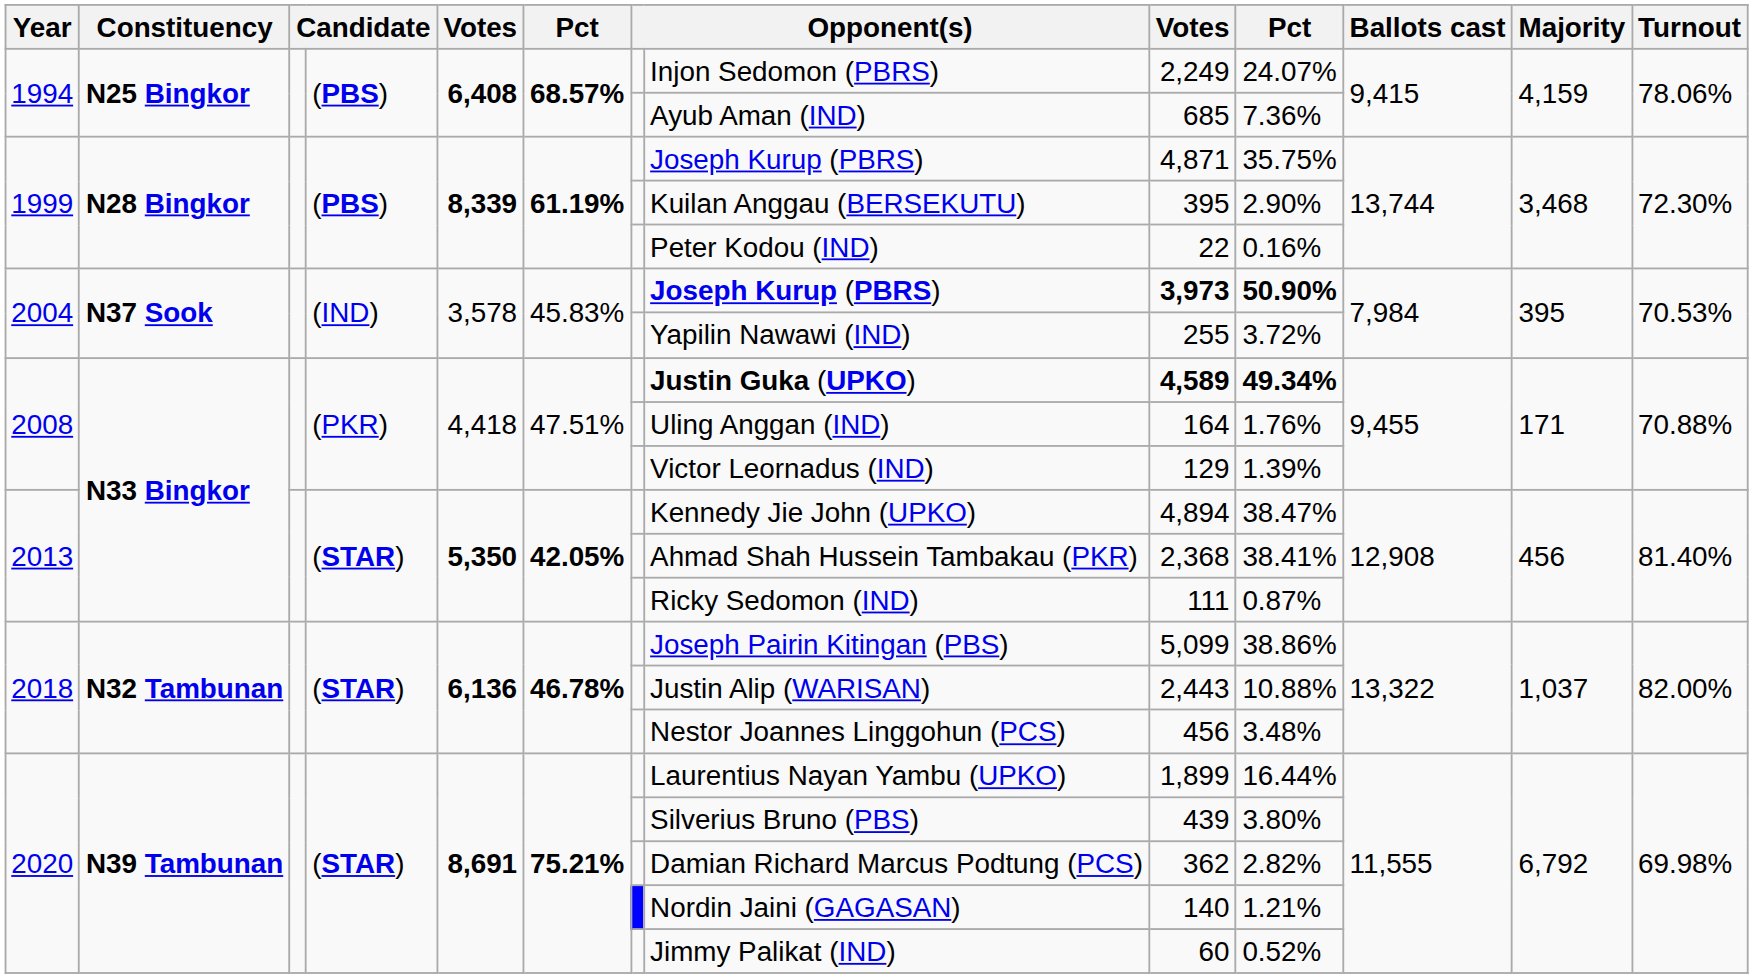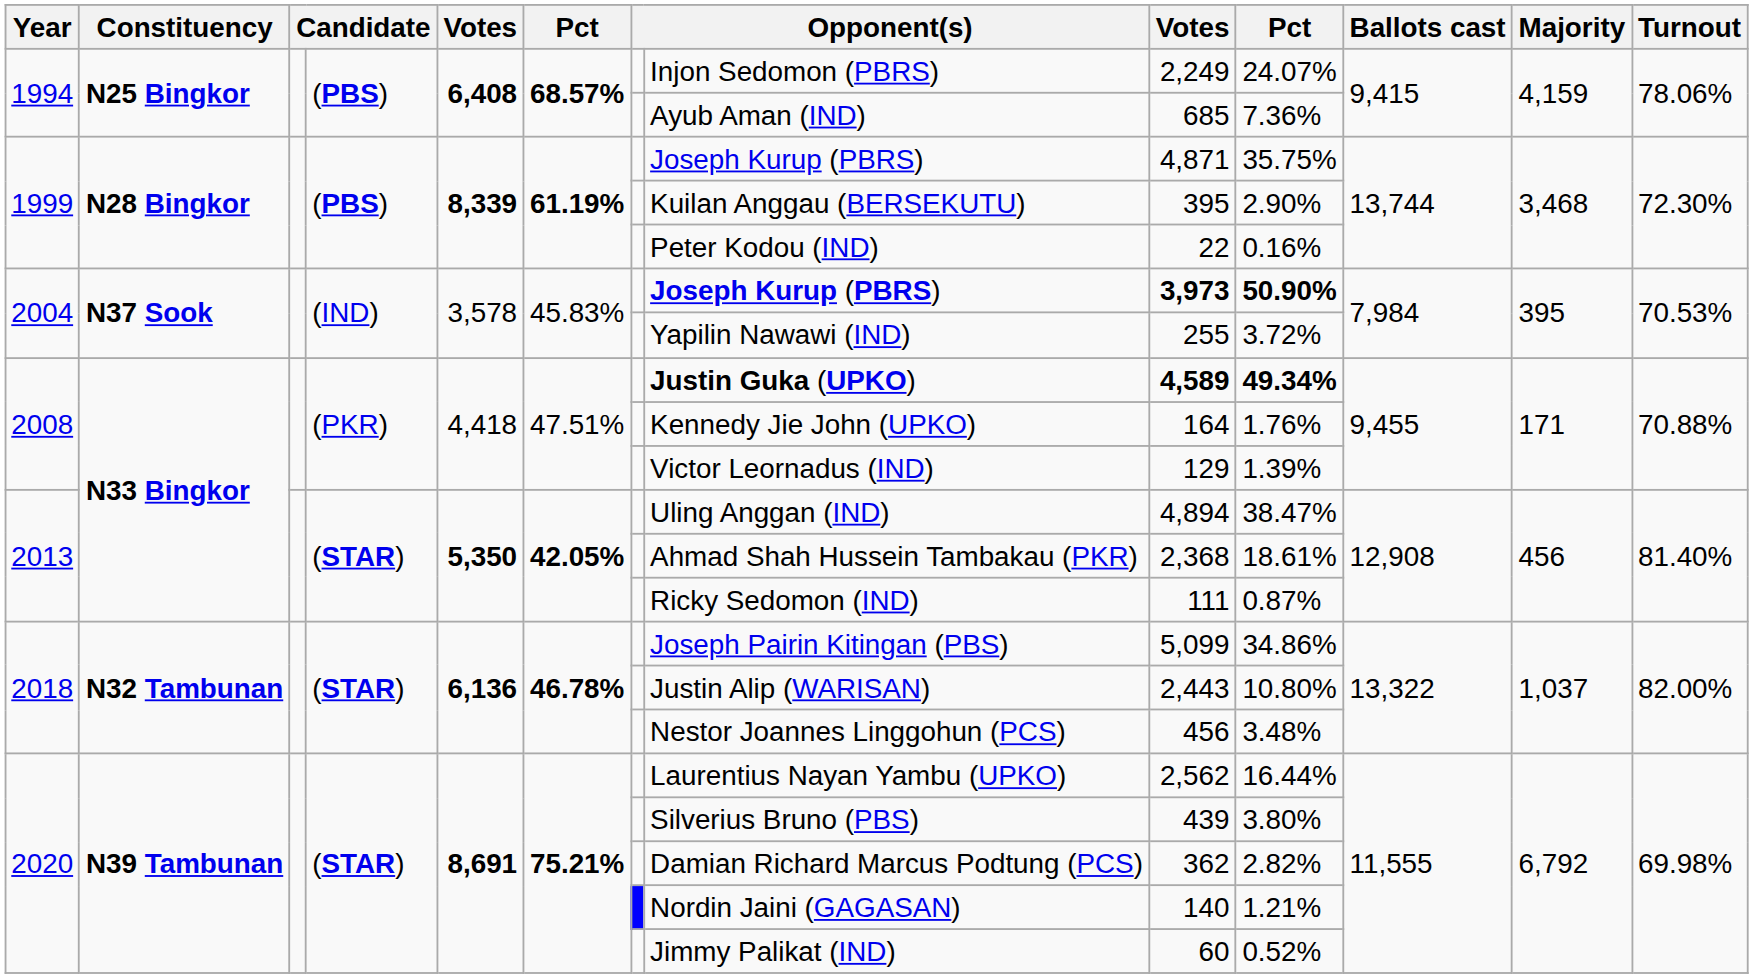 <table class="wikitable" style="margin:0.5em ; font-size:95%">
 <tr>
 <th>Year</th>
 <th>Constituency</th>
 <th colspan=2>Candidate</th>
 <th>Votes</th>
 <th>Pct</th>
 <th colspan=2>Opponent(s)</th>
 <th>Votes</th>
 <th>Pct</th>
 <th>Ballots cast</th>
 <th>Majority</th>
 <th>Turnout</th>
 </tr>
 <tr>
 <td rowspan=2><a href='#'>1994</a></td>
 <td rowspan=2><strong>N25 <a href='#'>Bingkor</a></strong></td>
 <td rowspan=2 ></td>
 <td rowspan=2> (<a href='#'><strong>PBS</strong></a>)</td>
 <td rowspan=2 align="right"><strong>6,408</strong></td>
 <td rowspan=2><strong>68.57%</strong></td>
 <td></td>
 <td>Injon Sedomon (<a href='#'>PBRS</a>)</td>
 <td align="right">2,249</td>
 <td>24.07%</td>
 <td rowspan=2>9,415</td>
 <td rowspan=2>4,159</td>
 <td rowspan=2>78.06%</td>
 </tr>
 <tr>
 <td></td>
 <td>Ayub Aman (<a href='#'>IND</a>)</td>
 <td align="right">685</td>
 <td>7.36%</td>
 </tr>
 <tr>
 <td rowspan=3><a href='#'>1999</a></td>
 <td rowspan=3><strong>N28 <a href='#'>Bingkor</a></strong></td>
 <td rowspan=3 ></td>
 <td rowspan=3> (<a href='#'><strong>PBS</strong></a>)</td>
 <td rowspan=3 align="right"><strong>8,339</strong></td>
 <td rowspan=3><strong>61.19%</strong></td>
 <td></td>
 <td><a href='#'>Joseph Kurup</a> (<a href='#'>PBRS</a>)</td>
 <td align="right">4,871</td>
 <td>35.75%</td>
 <td rowspan=3>13,744</td>
 <td rowspan=3>3,468</td>
 <td rowspan=3>72.30%</td>
 </tr>
 <tr>
 <td></td>
 <td>Kuilan Anggau (<a href='#'>BERSEKUTU</a>)</td>
 <td align="right">395</td>
 <td>2.90%</td>
 </tr>
 <tr>
 <td></td>
 <td>Peter Kodou (<a href='#'>IND</a>)</td>
 <td align="right">22</td>
 <td>0.16%</td>
 </tr>
 <tr>
 <td rowspan=2><a href='#'>2004</a></td>
 <td rowspan=2><strong>N37 <a href='#'>Sook</a></strong></td>
 <td rowspan=2 ></td>
 <td rowspan=2> (<a href='#'>IND</a>)</td>
 <td rowspan=2 align="right">3,578</td>
 <td rowspan=2>45.83%</td>
 <td></td>
 <td><strong><a href='#'>Joseph Kurup</a></strong> (<strong><a href='#'>PBRS</a></strong>)</td>
 <td align="right"><strong>3,973</strong></td>
 <td><strong>50.90%</strong></td>
 <td rowspan=2>7,984</td>
 <td rowspan=2>395</td>
 <td rowspan=2>70.53%</td>
 </tr>
 <tr>
 <td></td>
 <td>Yapilin Nawawi (<a href='#'>IND</a>)</td>
 <td align="right">255</td>
 <td>3.72%</td>
 </tr>
 <tr>
 <td rowspan=3><a href='#'>2008</a></td>
 <td rowspan=6><strong>N33 <a href='#'>Bingkor</a></strong></td>
 <td rowspan=3 ></td>
 <td rowspan=3> (<a href='#'>PKR</a>)</td>
 <td rowspan=3 align="right">4,418</td>
 <td rowspan=3>47.51%</td>
 <td></td>
 <td><strong>Justin Guka</strong> (<a href='#'><strong>UPKO</strong></a>)</td>
 <td align="right"><strong>4,589</strong></td>
 <td><strong>49.34%</strong></td>
 <td rowspan=3>9,455</td>
 <td rowspan=3>171</td>
 <td rowspan=3>70.88%</td>
 </tr>
 <tr>
 <td></td>
-<td>Uling Anggan (<a href='#'>IND</a>)</td>
+<td>Kennedy Jie John (<a href='#'>UPKO</a>)</td>
 <td align="right">164</td>
 <td>1.76%</td>
 </tr>
 <tr>
 <td></td>
 <td>Victor Leornadus (<a href='#'>IND</a>)</td>
 <td align="right">129</td>
 <td>1.39%</td>
 </tr>
 <tr>
 <td rowspan=3><a href='#'>2013</a></td>
 <td rowspan=3 ></td>
 <td rowspan=3> (<a href='#'><strong>STAR</strong></a>)</td>
 <td rowspan=3 align="right"><strong>5,350</strong></td>
 <td rowspan=3><strong>42.05%</strong></td>
 <td></td>
-<td>Kennedy Jie John (<a href='#'>UPKO</a>)</td>
+<td>Uling Anggan (<a href='#'>IND</a>)</td>
 <td align="right">4,894</td>
 <td>38.47%</td>
 <td rowspan=3>12,908</td>
 <td rowspan=3>456</td>
 <td rowspan=3>81.40%</td>
 </tr>
 <tr>
 <td></td>
 <td>Ahmad Shah Hussein Tambakau (<a href='#'>PKR</a>)</td>
 <td align="right">2,368</td>
-<td>38.41%</td>
+<td>18.61%</td>
 </tr>
 <tr>
 <td></td>
 <td>Ricky Sedomon (<a href='#'>IND</a>)</td>
 <td align="right">111</td>
 <td>0.87%</td>
 </tr>
 <tr>
 <td rowspan=3><a href='#'>2018</a></td>
 <td rowspan=3><strong>N32 <a href='#'>Tambunan</a></strong></td>
 <td rowspan=3 ></td>
 <td rowspan=3> (<a href='#'><strong>STAR</strong></a>)</td>
 <td rowspan=3 align="right"><strong>6,136</strong></td>
 <td rowspan=3><strong>46.78%</strong></td>
 <td></td>
 <td><a href='#'>Joseph Pairin Kitingan</a> (<a href='#'>PBS</a>)</td>
 <td align="right">5,099</td>
-<td>38.86%</td>
+<td>34.86%</td>
 <td rowspan=3>13,322</td>
 <td rowspan=3>1,037</td>
 <td rowspan=3>82.00%</td>
 </tr>
 <tr>
 <td></td>
 <td>Justin Alip (<a href='#'>WARISAN</a>)</td>
 <td align="right">2,443</td>
-<td>10.88%</td>
+<td>10.80%</td>
 </tr>
 <tr>
 <td></td>
 <td>Nestor Joannes Linggohun (<a href='#'>PCS</a>)</td>
 <td align="right">456</td>
 <td>3.48%</td>
 </tr>
 <tr>
 <td rowspan=5><a href='#'>2020</a></td>
 <td rowspan=5><strong>N39 <a href='#'>Tambunan</a></strong></td>
 <td rowspan=5 ></td>
 <td rowspan=5> (<a href='#'><strong>STAR</strong></a>)</td>
 <td rowspan=5 align="right"><strong>8,691</strong></td>
 <td rowspan=5><strong>75.21%</strong></td>
 <td></td>
 <td>Laurentius Nayan Yambu (<a href='#'>UPKO</a>)</td>
-<td align="right">1,899</td>
+<td align="right">2,562</td>
 <td>16.44%</td>
 <td rowspan=5>11,555</td>
 <td rowspan=5>6,792</td>
 <td rowspan=5>69.98%</td>
 </tr>
 <tr>
 <td></td>
 <td>Silverius Bruno (<a href='#'>PBS</a>)</td>
 <td align="right">439</td>
 <td>3.80%</td>
 </tr>
 <tr>
 <td></td>
 <td>Damian Richard Marcus Podtung (<a href='#'>PCS</a>)</td>
 <td align="right">362</td>
 <td>2.82%</td>
 </tr>
 <tr>
 <td bgcolor=blue></td>
 <td>Nordin Jaini (<a href='#'>GAGASAN</a>)</td>
 <td align="right">140</td>
 <td>1.21%</td>
 </tr>
 <tr>
 <td></td>
 <td>Jimmy Palikat (<a href='#'>IND</a>)</td>
 <td align="right">60</td>
 <td>0.52%</td>
 </tr>
 </table>
